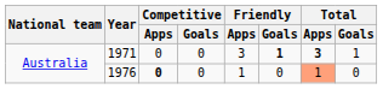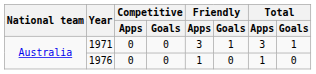 <table class="wikitable" style="text-align:center">
 <tr>
 <th rowspan="2">National team</th>
 <th rowspan="2">Year</th>
 <th colspan="2">Competitive</th>
 <th colspan="2">Friendly</th>
 <th colspan="2">Total</th>
 </tr>
 <tr>
 <th>Apps</th>
 <th>Goals</th>
 <th>Apps</th>
 <th>Goals</th>
 <th>Apps</th>
 <th>Goals</th>
 </tr>
 <tr>
 <td rowspan="2"><a href='#'>Australia</a></td>
 <td>1971</td>
 <td>0</td>
 <td>0</td>
 <td>3</td>
-<td><strong>1</strong></td>
-<td><strong>3</strong></td>
+<td>1</td>
+<td>3</td>
 <td>1</td>
 </tr>
 <tr>
 <td>1976</td>
-<td><strong>0</strong></td>
+<td>0</td>
 <td>0</td>
 <td>1</td>
 <td>0</td>
-<td style="background: lightsalmon;">1</td>
+<td>1</td>
 <td>0</td>
 </tr>
 </table>
